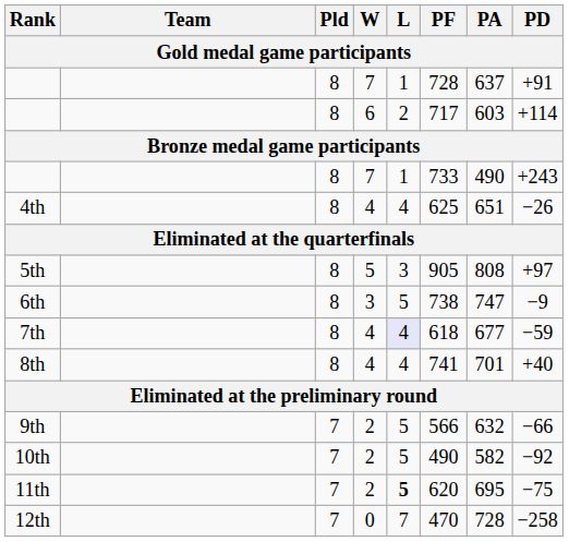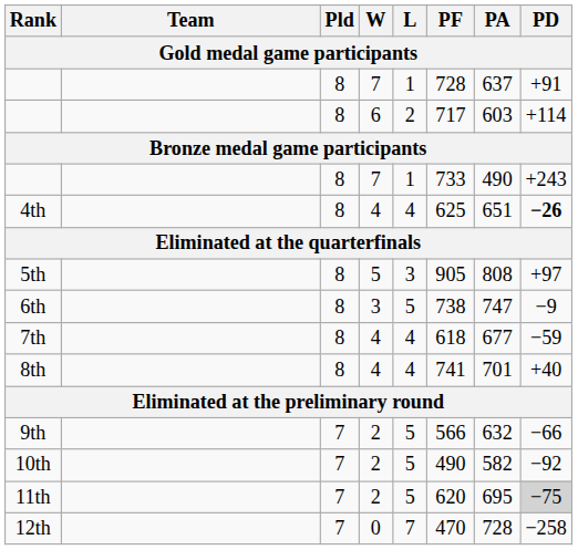 <table class=wikitable>
 <tr>
 <th>Rank</th>
 <th width=200px>Team</th>
 <th width=20px>Pld</th>
 <th width=20px>W</th>
 <th width=20px>L</th>
 <th width=30px>PF</th>
 <th width=30px>PA</th>
 <th width=30px>PD</th>
 </tr>
 <tr>
 <th colspan=8>Gold medal game participants</th>
 </tr>
 <tr align=center>
 <td></td>
 <td align=left></td>
 <td>8</td>
 <td>7</td>
 <td>1</td>
 <td>728</td>
 <td>637</td>
 <td>+91</td>
 </tr>
 <tr align=center>
 <td></td>
 <td align=left></td>
 <td>8</td>
 <td>6</td>
 <td>2</td>
 <td>717</td>
 <td>603</td>
 <td>+114</td>
 </tr>
 <tr>
 <th colspan=8>Bronze medal game participants</th>
 </tr>
 <tr align=center>
 <td></td>
 <td align=left></td>
 <td>8</td>
 <td>7</td>
 <td>1</td>
 <td>733</td>
 <td>490</td>
 <td>+243</td>
 </tr>
 <tr align=center>
 <td>4th</td>
 <td align=left></td>
 <td>8</td>
 <td>4</td>
 <td>4</td>
 <td>625</td>
 <td>651</td>
-<td>−26</td>
+<td><strong>−26</strong></td>
 </tr>
 <tr>
 <th colspan=8>Eliminated at the quarterfinals</th>
 </tr>
 <tr align=center>
 <td>5th</td>
 <td align=left></td>
 <td>8</td>
 <td>5</td>
 <td>3</td>
 <td>905</td>
 <td>808</td>
 <td>+97</td>
 </tr>
 <tr align=center>
 <td>6th</td>
 <td align=left></td>
 <td>8</td>
 <td>3</td>
 <td>5</td>
 <td>738</td>
 <td>747</td>
 <td>−9</td>
 </tr>
 <tr align=center>
 <td>7th</td>
 <td align=left></td>
 <td>8</td>
 <td>4</td>
-<td style="background: lavender;">4</td>
+<td>4</td>
 <td>618</td>
 <td>677</td>
 <td>−59</td>
 </tr>
 <tr align=center>
 <td>8th</td>
 <td align=left></td>
 <td>8</td>
 <td>4</td>
 <td>4</td>
 <td>741</td>
 <td>701</td>
 <td>+40</td>
 </tr>
 <tr>
 <th colspan=8>Eliminated at the preliminary round</th>
 </tr>
 <tr align=center>
 <td>9th</td>
 <td align=left></td>
 <td>7</td>
 <td>2</td>
 <td>5</td>
 <td>566</td>
 <td>632</td>
 <td>−66</td>
 </tr>
 <tr align=center>
 <td>10th</td>
 <td align=left></td>
 <td>7</td>
 <td>2</td>
 <td>5</td>
 <td>490</td>
 <td>582</td>
 <td>−92</td>
 </tr>
 <tr align=center>
 <td>11th</td>
 <td align=left></td>
 <td>7</td>
 <td>2</td>
-<td><strong>5</strong></td>
+<td>5</td>
 <td>620</td>
 <td>695</td>
-<td>−75</td>
+<td style="background: lightgrey;">−75</td>
 </tr>
 <tr align=center>
 <td>12th</td>
 <td align=left></td>
 <td>7</td>
 <td>0</td>
 <td>7</td>
 <td>470</td>
 <td>728</td>
 <td>−258</td>
 </tr>
 </table>
